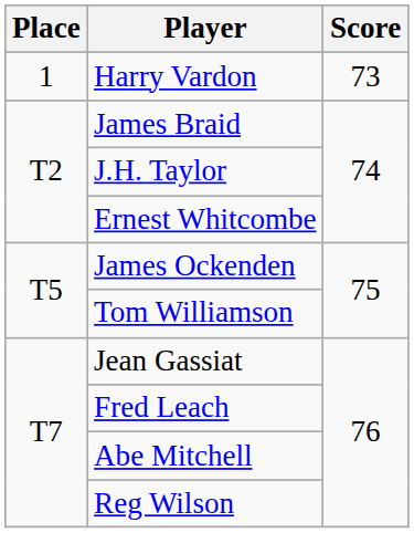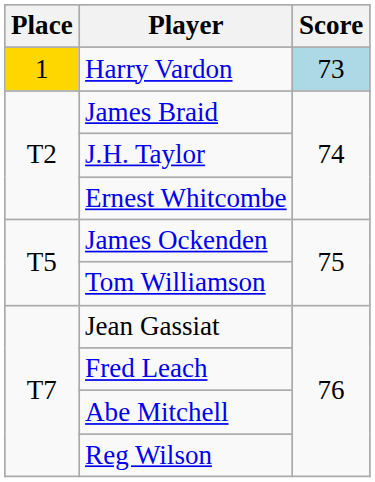 <table class=wikitable>
 <tr>
 <th>Place</th>
 <th>Player</th>
 <th>Score</th>
 </tr>
 <tr>
-<td align=center>1</td>
+<td align=center style="background: gold;">1</td>
 <td> <a href='#'>Harry Vardon</a></td>
-<td align=center>73</td>
+<td align=center style="background: lightblue;">73</td>
 </tr>
 <tr>
 <td rowspan=3 align=center>T2</td>
 <td> <a href='#'>James Braid</a></td>
 <td rowspan=3 align=center>74</td>
 </tr>
 <tr>
 <td> <a href='#'>J.H. Taylor</a></td>
 </tr>
 <tr>
 <td> <a href='#'>Ernest Whitcombe</a></td>
 </tr>
 <tr>
 <td rowspan=2 align=center>T5</td>
 <td> <a href='#'>James Ockenden</a></td>
 <td rowspan=2 align=center>75</td>
 </tr>
 <tr>
 <td> <a href='#'>Tom Williamson</a></td>
 </tr>
 <tr>
 <td rowspan=4 align=center>T7</td>
 <td> Jean Gassiat</td>
 <td rowspan=4 align=center>76</td>
 </tr>
 <tr>
 <td> <a href='#'>Fred Leach</a></td>
 </tr>
 <tr>
 <td> <a href='#'>Abe Mitchell</a></td>
 </tr>
 <tr>
 <td> <a href='#'>Reg Wilson</a></td>
 </tr>
 </table>
